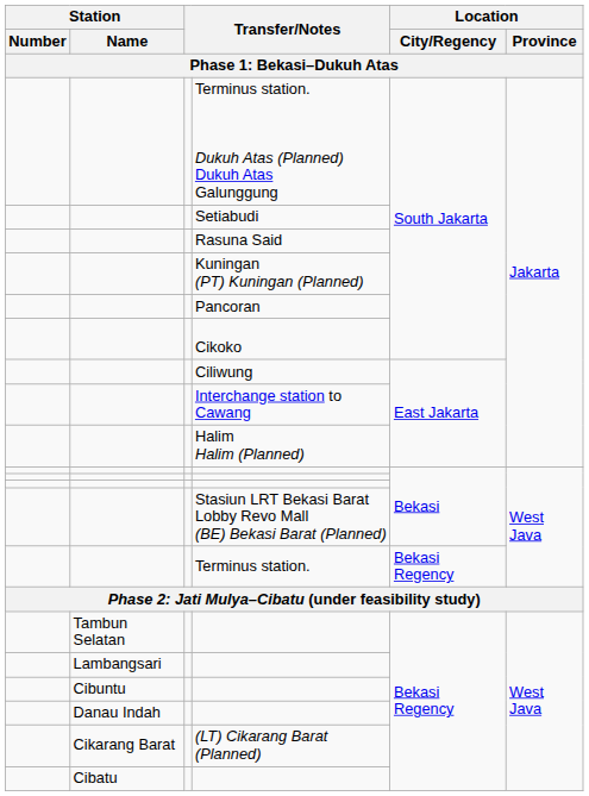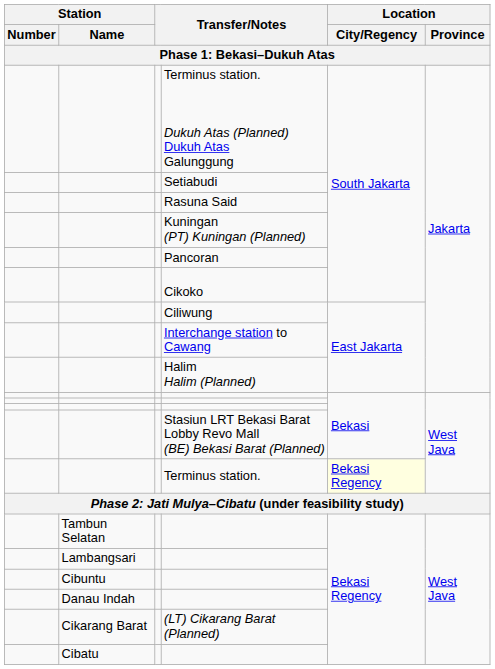 <table class="wikitable">
 <tr>
 <th colspan="2"> Station</th>
 <th colspan="2" rowspan="2">Transfer/Notes</th>
 <th colspan="2">Location</th>
 </tr>
 <tr>
 <th>Number</th>
 <th>Name</th>
 <th>City/Regency</th>
 <th>Province</th>
 </tr>
 <tr>
 <th colspan="6">Phase 1: Bekasi–Dukuh Atas</th>
 </tr>
 <tr>
 <td> </td>
 <td></td>
 <td></td>
 <td>Terminus station.<br> <br> <br>  <br> <em>Dukuh Atas (Planned)</em><br>  <a href='#'>Dukuh Atas</a><br>  Galunggung</td>
 <td rowspan="6"><a href='#'>South Jakarta</a></td>
 <td rowspan="9"><a href='#'>Jakarta</a></td>
 </tr>
 <tr>
 <td> </td>
 <td></td>
 <td></td>
 <td>    Setiabudi</td>
 </tr>
 <tr>
 <td> </td>
 <td></td>
 <td></td>
 <td>    Rasuna Said</td>
 </tr>
 <tr>
 <td> </td>
 <td></td>
 <td></td>
 <td>    Kuningan<br><em>(PT) Kuningan (Planned)</em></td>
 </tr>
 <tr>
 <td> </td>
 <td></td>
 <td></td>
 <td>    Pancoran</td>
 </tr>
 <tr>
 <td> </td>
 <td></td>
 <td></td>
 <td> <br>   Cikoko</td>
 </tr>
 <tr>
 <td> </td>
 <td></td>
 <td></td>
 <td>   Ciliwung</td>
 <td rowspan="3"><a href='#'>East Jakarta</a></td>
 </tr>
 <tr>
 <td> </td>
 <td></td>
 <td></td>
 <td><a href='#'>Interchange station</a> to <br>       <a href='#'>Cawang</a></td>
 </tr>
 <tr>
 <td></td>
 <td></td>
 <td></td>
 <td> Halim<br> <em>Halim (Planned)</em></td>
 </tr>
 <tr>
 <td></td>
 <td></td>
 <td></td>
 <td></td>
 <td rowspan="4"><a href='#'>Bekasi</a></td>
 <td rowspan="5"><a href='#'>West Java</a></td>
 </tr>
 <tr>
 <td></td>
 <td></td>
 <td></td>
 <td></td>
 </tr>
 <tr>
 <td></td>
 <td></td>
 <td></td>
 <td></td>
 </tr>
 <tr>
 <td></td>
 <td></td>
 <td></td>
 <td> Stasiun LRT Bekasi Barat<br> Lobby Revo Mall<br><em>(BE) Bekasi Barat (Planned)</em></td>
 </tr>
 <tr>
 <td></td>
 <td></td>
 <td></td>
 <td>Terminus station.</td>
-<td><a href='#'>Bekasi Regency</a></td>
+<td style="background: lightyellow;"><a href='#'>Bekasi Regency</a></td>
 </tr>
 <tr>
 <th colspan="6"><em>Phase 2: Jati Mulya–Cibatu</em> (under feasibility study)</th>
 </tr>
 <tr>
 <td></td>
 <td>Tambun Selatan</td>
 <td></td>
 <td></td>
 <td rowspan="6"><a href='#'>Bekasi Regency</a></td>
 <td rowspan="6"><a href='#'>West Java</a></td>
 </tr>
 <tr>
 <td></td>
 <td>Lambangsari</td>
 <td></td>
 <td></td>
 </tr>
 <tr>
 <td></td>
 <td>Cibuntu</td>
 <td></td>
 <td></td>
 </tr>
 <tr>
 <td></td>
 <td>Danau Indah</td>
 <td></td>
 <td></td>
 </tr>
 <tr>
 <td></td>
 <td>Cikarang Barat</td>
 <td></td>
 <td><em>(LT) Cikarang Barat (Planned)</em></td>
 </tr>
 <tr>
 <td></td>
 <td>Cibatu</td>
 <td></td>
 <td></td>
 </tr>
 </table>
